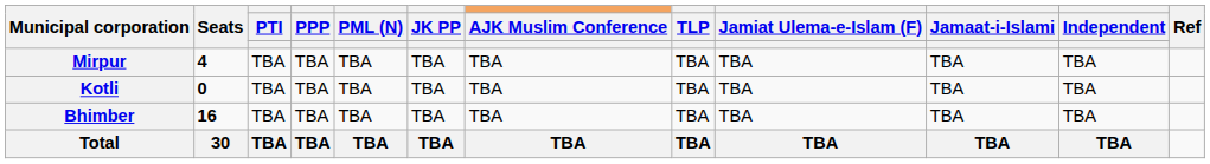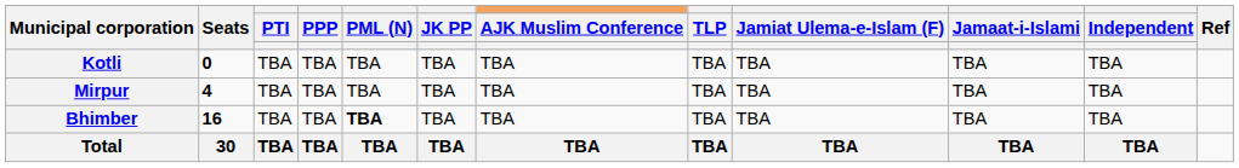 <table class="wikitable">
 <tr>
 <th rowspan="3">Municipal corporation</th>
 <th rowspan="3">Seats</th>
 <th style="background-color: "></th>
 <th style="background-color: "></th>
 <th style="background-color: "></th>
 <th style="background-color: "></th>
 <td bgcolor="#f4a460"></td>
 <th style="background-color: "></th>
 <th style="background-color: "></th>
 <th style="background-color: "></th>
 <th style="background-color: "></th>
 <th rowspan="3">Ref</th>
 </tr>
 <tr>
 <th><a href='#'>PTI</a></th>
 <th><a href='#'>PPP</a></th>
 <th><a href='#'>PML (N)</a></th>
 <th><a href='#'>JK PP</a></th>
 <th><a href='#'>AJK Muslim Conference</a></th>
 <th><a href='#'>TLP</a></th>
 <th><a href='#'>Jamiat Ulema-e-Islam (F)</a></th>
 <th><a href='#'>Jamaat-i-Islami</a></th>
 <th><a href='#'>Independent</a></th>
 </tr>
 <tr>
 <th></th>
 <th></th>
 <th></th>
 <th></th>
 <th></th>
 <th></th>
 <th></th>
 <th></th>
 <th></th>
 </tr>
 <tr>
-<th><a href='#'>Mirpur</a></th>
-<td><strong>4</strong></td>
+<th><a href='#'>Kotli</a></th>
+<td><strong>0</strong></td>
 <td>TBA</td>
 <td>TBA</td>
 <td>TBA</td>
 <td>TBA</td>
 <td>TBA</td>
 <td>TBA</td>
 <td>TBA</td>
 <td>TBA</td>
 <td>TBA</td>
 <td></td>
 </tr>
 <tr>
-<th><a href='#'>Kotli</a></th>
-<td><strong>0</strong></td>
+<th><a href='#'>Mirpur</a></th>
+<td><strong>4</strong></td>
 <td>TBA</td>
 <td>TBA</td>
 <td>TBA</td>
 <td>TBA</td>
 <td>TBA</td>
 <td>TBA</td>
 <td>TBA</td>
 <td>TBA</td>
 <td>TBA</td>
 <td></td>
 </tr>
 <tr>
 <th><a href='#'>Bhimber</a></th>
 <td><strong>16</strong></td>
 <td>TBA</td>
 <td>TBA</td>
-<td>TBA</td>
+<td><strong>TBA</strong></td>
 <td>TBA</td>
 <td>TBA</td>
 <td>TBA</td>
 <td>TBA</td>
 <td>TBA</td>
 <td>TBA</td>
 <td></td>
 </tr>
 <tr>
 <th><strong>Total</strong></th>
 <th>30</th>
 <th>TBA</th>
 <th>TBA</th>
 <th>TBA</th>
 <th>TBA</th>
 <th>TBA</th>
 <th>TBA</th>
 <th>TBA</th>
 <th>TBA</th>
 <th>TBA</th>
 <td></td>
 </tr>
 </table>
